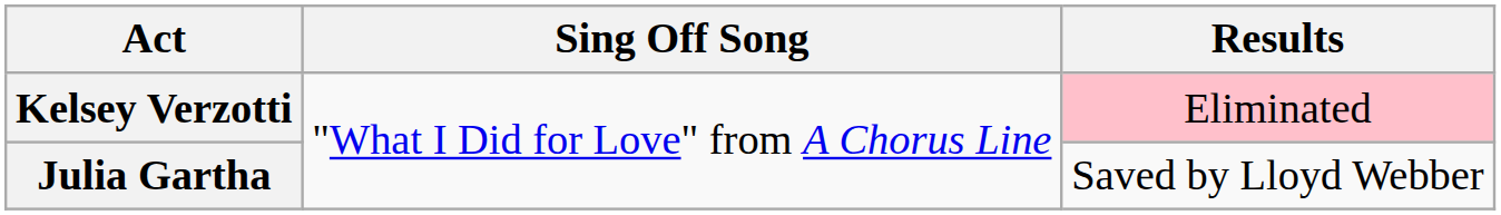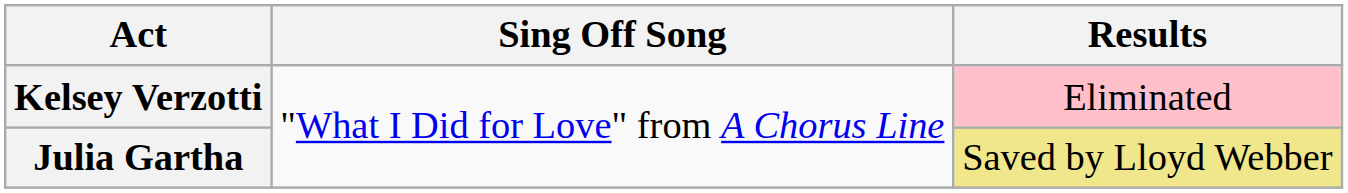 <table class="wikitable plainrowheaders" style="text-align:center;">
 <tr>
 <th scope="col">Act</th>
 <th scope="col">Sing Off Song</th>
 <th scope="col">Results</th>
 </tr>
 <tr>
 <th scope="row">Kelsey Verzotti</th>
 <td rowspan="2">"<a href='#'>What I Did for Love</a>" from <em><a href='#'>A Chorus Line</a></em></td>
 <td style="background:pink;">Eliminated</td>
 </tr>
 <tr>
 <th scope="row">Julia Gartha</th>
-<td>Saved by Lloyd Webber</td>
+<td style="background: khaki;">Saved by Lloyd Webber</td>
 </tr>
 </table>
